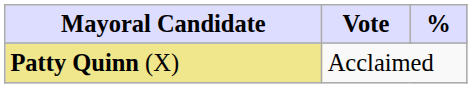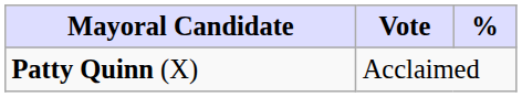 <table class="wikitable">
 <tr>
 <th style="background:#ddf; width:200px;">Mayoral Candidate</th>
 <th style="background:#ddf; width:50px;">Vote</th>
 <th style="background:#ddf; width:30px;">%</th>
 </tr>
 <tr>
-<td style="background: khaki;"><strong>Patty Quinn</strong> (X)</td>
+<td><strong>Patty Quinn</strong> (X)</td>
 <td colspan="2">Acclaimed</td>
 </tr>
 </table>
